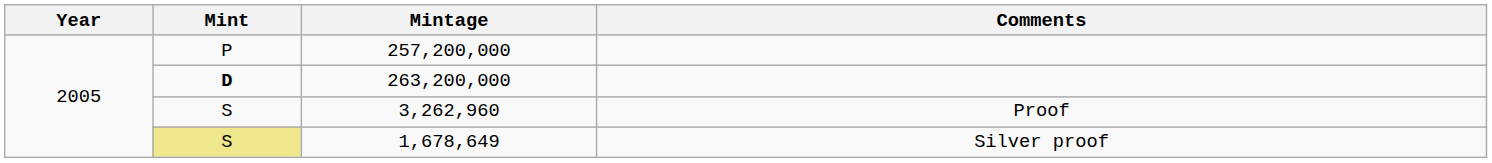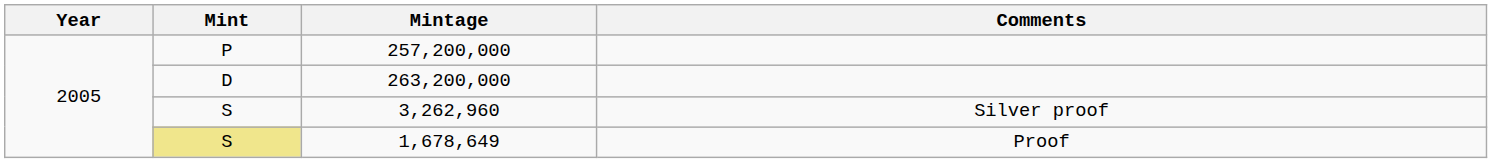 <table class="wikitable sortable" style="min-width:65%; text-align:center;">
 <tr>
 <th width="10%">Year</th>
 <th width="10%">Mint</th>
 <th width="20%">Mintage</th>
 <th width="60%">Comments</th>
 </tr>
 <tr>
 <td rowspan="4">2005</td>
 <td>P</td>
 <td>257,200,000</td>
 <td></td>
 </tr>
 <tr>
-<td><strong>D</strong></td>
+<td>D</td>
 <td>263,200,000</td>
 <td></td>
 </tr>
 <tr>
 <td>S</td>
 <td>3,262,960</td>
-<td>Proof</td>
+<td>Silver proof</td>
 </tr>
 <tr>
 <td style="background: khaki;">S</td>
 <td>1,678,649</td>
-<td>Silver proof</td>
+<td>Proof</td>
 </tr>
 </table>
